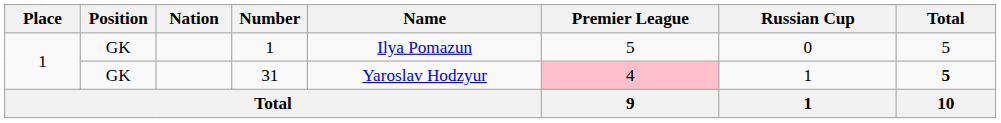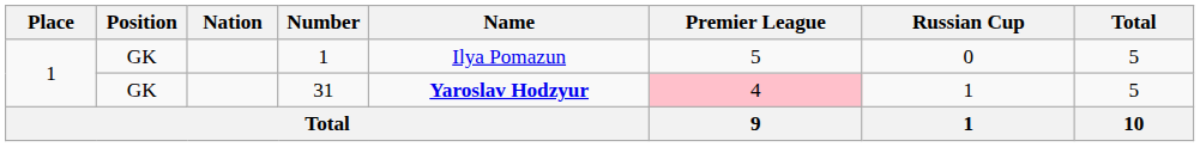 <table class="wikitable" style="font-size: 95%; text-align: center;">
 <tr>
 <th width=60>Place</th>
 <th width=60>Position</th>
 <th width=60>Nation</th>
 <th width=60>Number</th>
 <th width=200>Name</th>
 <th width=150>Premier League</th>
 <th width=150>Russian Cup</th>
 <th width=80>Total</th>
 </tr>
 <tr>
 <td rowspan="2">1</td>
 <td>GK</td>
 <td></td>
 <td>1</td>
 <td><a href='#'>Ilya Pomazun</a></td>
 <td>5</td>
 <td>0</td>
 <td>5</td>
 </tr>
 <tr>
 <td>GK</td>
 <td></td>
 <td>31</td>
-<td><a href='#'>Yaroslav Hodzyur</a></td>
+<td><strong><a href='#'>Yaroslav Hodzyur</a></strong></td>
 <td style="background: pink;">4</td>
 <td>1</td>
-<td><strong>5</strong></td>
+<td>5</td>
 </tr>
 <tr>
 <th colspan=5>Total</th>
 <th>9</th>
 <th>1</th>
 <th>10</th>
 </tr>
 </table>
